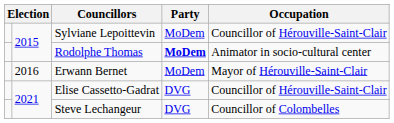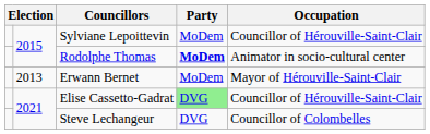 <table class="wikitable">
 <tr>
 <th colspan="2">Election</th>
 <th>Councillors</th>
 <th>Party</th>
 <th>Occupation</th>
 </tr>
 <tr>
 <td style="background-color: "></td>
 <td rowspan="2"><a href='#'>2015</a></td>
 <td>Sylviane Lepoittevin</td>
 <td><a href='#'>MoDem</a></td>
 <td>Councillor of <a href='#'>Hérouville-Saint-Clair</a></td>
 </tr>
 <tr>
 <td style="background-color: "></td>
 <td><a href='#'>Rodolphe Thomas</a></td>
 <td><strong><a href='#'>MoDem</a></strong></td>
 <td>Animator in socio-cultural center</td>
 </tr>
 <tr>
 <td style="background-color: "></td>
-<td>2016</td>
+<td>2013</td>
 <td>Erwann Bernet</td>
 <td><a href='#'>MoDem</a></td>
 <td>Mayor of <a href='#'>Hérouville-Saint-Clair</a></td>
 </tr>
 <tr>
 <td style="background-color: "></td>
 <td rowspan="2"><a href='#'>2021</a></td>
 <td>Elise Cassetto-Gadrat</td>
-<td><a href='#'>DVG</a></td>
+<td style="background: lightgreen;"><a href='#'>DVG</a></td>
 <td>Councillor of <a href='#'>Hérouville-Saint-Clair</a></td>
 </tr>
 <tr>
 <td style="background-color: "></td>
 <td>Steve Lechangeur</td>
 <td><a href='#'>DVG</a></td>
 <td>Councillor of <a href='#'>Colombelles</a></td>
 </tr>
 </table>
